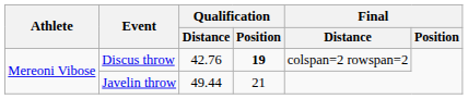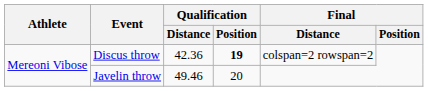 <table class=wikitable style=font-size:90%>
 <tr>
 <th rowspan=2>Athlete</th>
 <th rowspan=2>Event</th>
 <th colspan=2>Qualification</th>
 <th colspan=2>Final</th>
 </tr>
 <tr style=font-size:95%>
 <th>Distance</th>
 <th>Position</th>
 <th>Distance</th>
 <th>Position</th>
 </tr>
 <tr align=center>
 <td align=left rowspan=2><a href='#'>Mereoni Vibose</a></td>
 <td align=left><a href='#'>Discus throw</a></td>
-<td>42.76</td>
+<td>42.36</td>
 <td><strong>19</strong></td>
 <td>colspan=2 rowspan=2 </td>
 </tr>
 <tr align=center>
 <td align=left><a href='#'>Javelin throw</a></td>
-<td>49.44</td>
-<td>21</td>
+<td>49.46</td>
+<td>20</td>
 </tr>
 </table>
